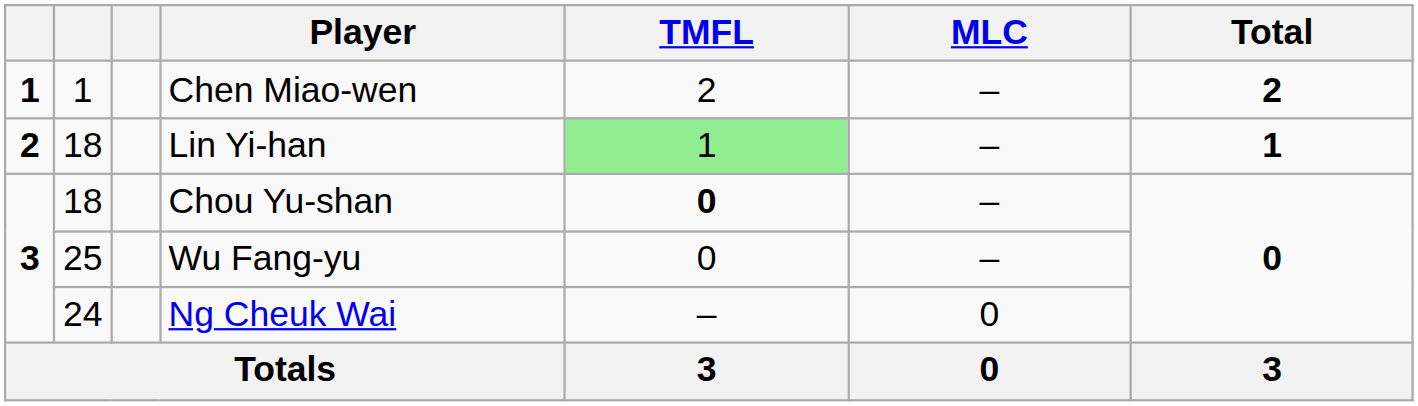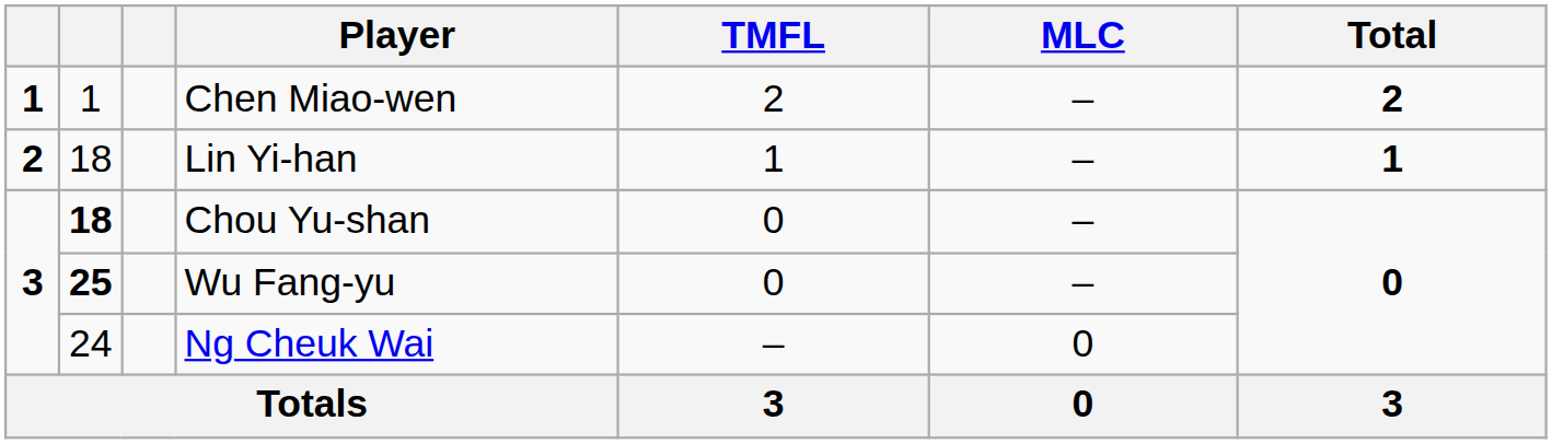 <table class="wikitable" style="text-align:center">
 <tr>
 <th width=15></th>
 <th width=15></th>
 <th width=15></th>
 <th width=175>Player</th>
 <th width=120><a href='#'>TMFL</a></th>
 <th width=120><a href='#'>MLC</a></th>
 <th width=120>Total</th>
 </tr>
 <tr>
 <td><strong>1</strong></td>
 <td>1</td>
 <td></td>
 <td align=left>Chen Miao-wen</td>
 <td>2</td>
 <td>–</td>
 <td><strong>2</strong></td>
 </tr>
 <tr>
 <td><strong>2</strong></td>
 <td>18</td>
 <td></td>
 <td align=left>Lin Yi-han</td>
-<td style="background: lightgreen;">1</td>
+<td>1</td>
 <td>–</td>
 <td><strong>1</strong></td>
 </tr>
 <tr>
 <td rowspan=3><strong>3</strong></td>
-<td>18</td>
+<td><strong>18</strong></td>
 <td></td>
 <td align=left>Chou Yu-shan</td>
-<td><strong>0</strong></td>
+<td>0</td>
 <td>–</td>
 <td rowspan=3><strong>0</strong></td>
 </tr>
 <tr>
-<td>25</td>
+<td><strong>25</strong></td>
 <td></td>
 <td align=left>Wu Fang-yu</td>
 <td>0</td>
 <td>–</td>
 </tr>
 <tr>
 <td>24</td>
 <td></td>
 <td align=left><a href='#'>Ng Cheuk Wai</a></td>
 <td>–</td>
 <td>0</td>
 </tr>
 <tr>
 <th colspan=4><strong>Totals</strong></th>
 <th><strong>3</strong></th>
 <th><strong>0</strong></th>
 <th><strong>3</strong></th>
 </tr>
 </table>
